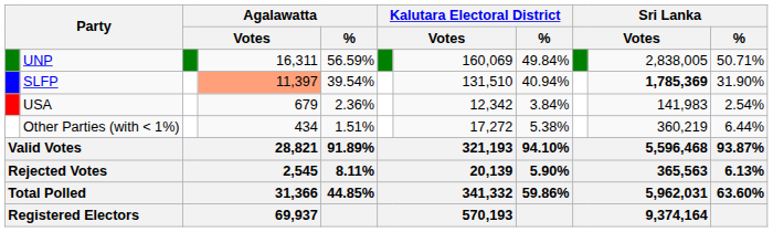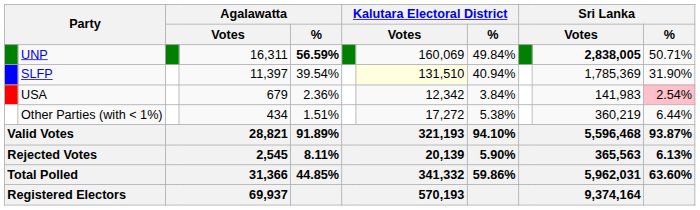 <table class="wikitable">
 <tr>
 <th colspan="2" width="144px"rowspan="2">Party</th>
 <th colspan="3" width="216px">Agalawatta</th>
 <th colspan="3" width="216px"><a href='#'>Kalutara Electoral District</a></th>
 <th colspan="3" width="216px">Sri Lanka</th>
 </tr>
 <tr>
 <th colspan="2" width="144px">Votes</th>
 <th>%</th>
 <th colspan="2" width="144px">Votes</th>
 <th>%</th>
 <th colspan="2" width="144px">Votes</th>
 <th>%</th>
 </tr>
 <tr>
 <td style="background-color:green;" width="10px"></td>
 <td style="text-align:left;"><a href='#'>UNP</a></td>
 <td style="background-color:green;" width="10px"></td>
 <td style="text-align:right;">16,311</td>
-<td style="text-align:right;">56.59%</td>
+<td style="text-align:right;"><strong>56.59%</strong></td>
 <td style="background-color:green;" width="10px"></td>
 <td style="text-align:right;">160,069</td>
 <td style="text-align:right;">49.84%</td>
 <td style="background-color:green;" width="10px"></td>
-<td style="text-align:right;">2,838,005</td>
+<td style="text-align:right;"><strong>2,838,005</strong></td>
 <td style="text-align:right;">50.71%</td>
 </tr>
 <tr>
 <td style="background-color:blue;" width="10px"></td>
 <td style="text-align:left;"><a href='#'>SLFP</a></td>
 <td style="background-color:white;" width="10px"></td>
-<td style="background: lightsalmon; text-align:right;">11,397</td>
+<td style="text-align:right;">11,397</td>
 <td style="text-align:right;">39.54%</td>
 <td style="background-color:white;" width="10px"></td>
-<td style="text-align:right;">131,510</td>
+<td style="background: lightyellow; text-align:right;">131,510</td>
 <td style="text-align:right;">40.94%</td>
 <td style="background-color:white;" width="10px"></td>
-<td style="text-align:right;"><strong>1,785,369</strong></td>
+<td style="text-align:right;">1,785,369</td>
 <td style="text-align:right;">31.90%</td>
 </tr>
 <tr>
 <td style="background-color:red;" width="10px"></td>
 <td style="text-align:left;">USA</td>
 <td style="background-color:white;" width="10px"></td>
 <td style="text-align:right;">679</td>
 <td style="text-align:right;">2.36%</td>
 <td style="background-color:white;" width="10px"></td>
 <td style="text-align:right;">12,342</td>
 <td style="text-align:right;">3.84%</td>
 <td style="background-color:white;" width="10px"></td>
 <td style="text-align:right;">141,983</td>
-<td style="text-align:right;">2.54%</td>
+<td style="background: pink; text-align:right;">2.54%</td>
 </tr>
 <tr>
 <td style="background-color:white;" width="10px"></td>
 <td style="text-align:left;">Other Parties (with < 1%)</td>
 <td style="background-color:white;" width="10px"></td>
 <td style="text-align:right;">434</td>
 <td style="text-align:right;">1.51%</td>
 <td style="background-color:white;" width="10px"></td>
 <td style="text-align:right;">17,272</td>
 <td style="text-align:right;">5.38%</td>
 <td style="background-color:white;" width="10px"></td>
 <td style="text-align:right;">360,219</td>
 <td style="text-align:right;">6.44%</td>
 </tr>
 <tr>
 <th colspan="2" width="144px"style="text-align:left;">Valid Votes</th>
 <th style="text-align:right;"colspan="2" width="144px">28,821</th>
 <th style="text-align:right;">91.89%</th>
 <th style="text-align:right;"colspan="2" width="144px">321,193</th>
 <th style="text-align:right;">94.10%</th>
 <th style="text-align:right;"colspan="2" width="144px">5,596,468</th>
 <th style="text-align:right;">93.87%</th>
 </tr>
 <tr>
 <th colspan="2" width="144px"style="text-align:left;">Rejected Votes</th>
 <th style="text-align:right;"colspan="2" width="144px">2,545</th>
 <th style="text-align:right;">8.11%</th>
 <th style="text-align:right;"colspan="2" width="144px">20,139</th>
 <th style="text-align:right;">5.90%</th>
 <th style="text-align:right;"colspan="2" width="144px">365,563</th>
 <th style="text-align:right;">6.13%</th>
 </tr>
 <tr>
 <th colspan="2" width="144px"style="text-align:left;">Total Polled</th>
 <th style="text-align:right;"colspan="2" width="144px">31,366</th>
 <th style="text-align:right;">44.85%</th>
 <th style="text-align:right;"colspan="2" width="144px">341,332</th>
 <th style="text-align:right;">59.86%</th>
 <th style="text-align:right;"colspan="2" width="144px">5,962,031</th>
 <th style="text-align:right;">63.60%</th>
 </tr>
 <tr>
 <th colspan="2" width="144px"style="text-align:left;">Registered Electors</th>
 <th style="text-align:right;"colspan="2" width="144px">69,937</th>
 <th></th>
 <th style="text-align:right;"colspan="2" width="144px">570,193</th>
 <th></th>
 <th style="text-align:right;"colspan="2" width="144px">9,374,164</th>
 <th></th>
 </tr>
 </table>
